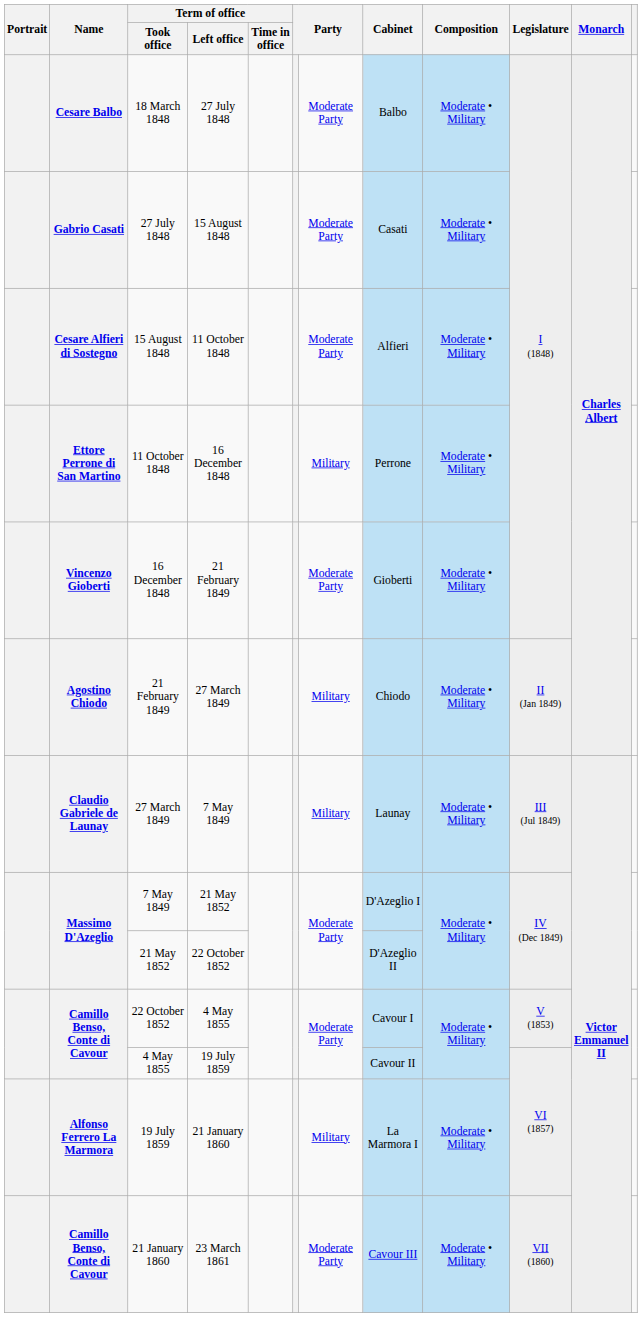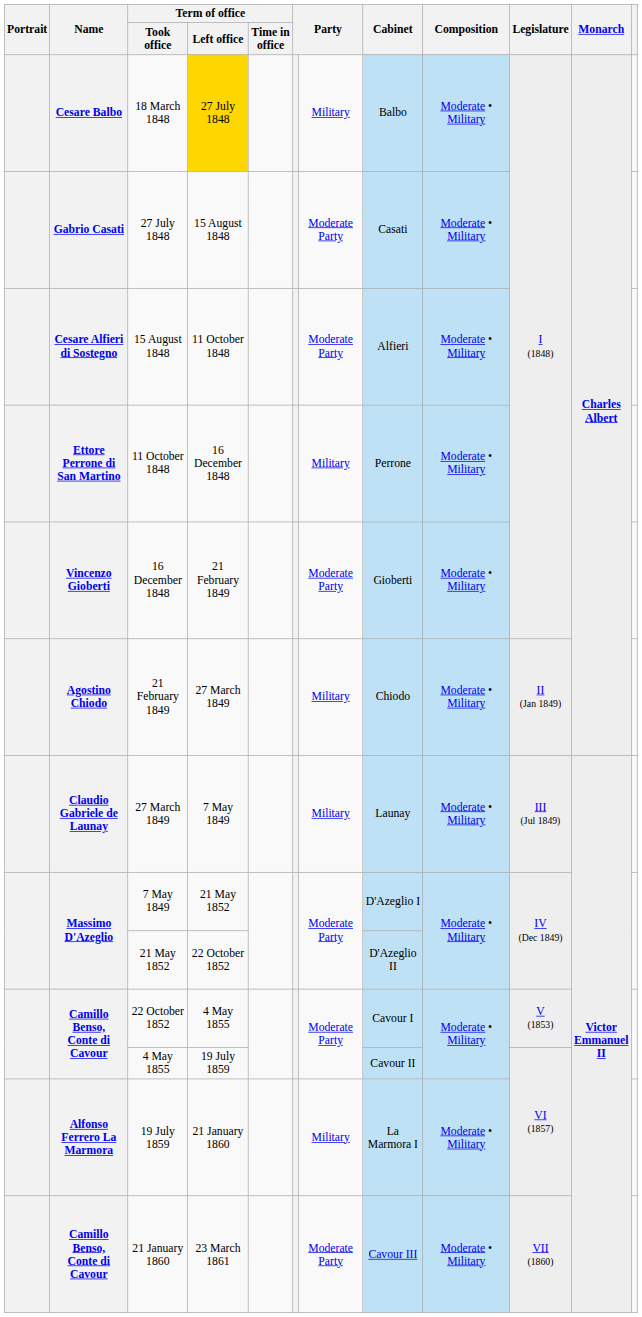 <table class="wikitable" style="text-align:center; width=90%">
 <tr>
 <th width=5% rowspan=2 scope="col">Portrait</th>
 <th width=14% rowspan=2 scope="col">Name<br></th>
 <th width=28% colspan=3>Term of office</th>
 <th width=12% rowspan=2 colspan=2 scope="col">Party</th>
 <th width=10% rowspan=2 scope="col">Cabinet</th>
 <th width=15% rowspan=2 scope="col">Composition</th>
 <th width=3% rowspan=2 scope="col">Legislature<br></th>
 <th width=4% rowspan=2 scope="col"><a href='#'>Monarch</a><br></th>
 <th width=1% rowspan=2 scope="col"></th>
 </tr>
 <tr>
 <th width=10% scope="col">Took office</th>
 <th width=10% scope="col">Left office</th>
 <th width=8% scope="col">Time in office</th>
 </tr>
 <tr style="height:10em;">
 <th></th>
 <th scope="row" style="font-weight:normal"><strong><a href='#'>Cesare Balbo</a></strong><br></th>
 <td>18 March<br>1848</td>
-<td>27 July<br>1848</td>
+<td style="background: gold;">27 July<br>1848</td>
 <td></td>
 <th style="background:"></th>
-<td><a href='#'>Moderate Party</a></td>
+<td><a href='#'>Military</a></td>
 <td bgcolor=#BEE1F5>Balbo</td>
 <td bgcolor=#BEE1F5><a href='#'>Moderate</a> • <a href='#'>Military</a></td>
 <td rowspan=5 bgcolor="#EEEEEE"><a href='#'>I</a><br><small>(1848)</small></td>
 <td align="center" rowspan=6 bgcolor="#EEEEEE"><br><strong><a href='#'>Charles Albert</a></strong><br></td>
 <td></td>
 </tr>
 <tr style="height:10em;">
 <th></th>
 <th scope="row" style="font-weight:normal"><strong><a href='#'>Gabrio Casati</a></strong><br></th>
 <td>27 July<br>1848</td>
 <td>15 August<br>1848</td>
 <td></td>
 <th style="background:"></th>
 <td><a href='#'>Moderate Party</a></td>
 <td bgcolor=#BEE1F5>Casati</td>
 <td bgcolor=#BEE1F5><a href='#'>Moderate</a> • <a href='#'>Military</a></td>
 <td></td>
 </tr>
 <tr style="height:10em;">
 <th></th>
 <th scope="row" style="font-weight:normal"><strong><a href='#'>Cesare Alfieri di Sostegno</a></strong><br></th>
 <td>15 August<br>1848</td>
 <td>11 October<br>1848</td>
 <td></td>
 <th style="background:"></th>
 <td><a href='#'>Moderate Party</a></td>
 <td bgcolor=#BEE1F5>Alfieri</td>
 <td bgcolor=#BEE1F5><a href='#'>Moderate</a> • <a href='#'>Military</a></td>
 <td></td>
 </tr>
 <tr style="height:10em;">
 <th></th>
 <th scope="row" style="font-weight:normal"><strong><a href='#'>Ettore Perrone di San Martino</a></strong><br></th>
 <td>11 October<br>1848</td>
 <td>16 December<br>1848</td>
 <td></td>
 <th style="background:"></th>
 <td><a href='#'>Military</a></td>
 <td bgcolor=#BEE1F5>Perrone</td>
 <td bgcolor=#BEE1F5><a href='#'>Moderate</a> • <a href='#'>Military</a></td>
 <td></td>
 </tr>
 <tr style="height:10em;">
 <th></th>
 <th scope="row" style="font-weight:normal"><strong><a href='#'>Vincenzo Gioberti</a></strong><br></th>
 <td>16 December<br>1848</td>
 <td>21 February<br>1849</td>
 <td></td>
 <th style="background:"></th>
 <td><a href='#'>Moderate Party</a></td>
 <td bgcolor=#BEE1F5>Gioberti</td>
 <td bgcolor=#BEE1F5><a href='#'>Moderate</a> • <a href='#'>Military</a></td>
 </tr>
 <tr style="height:10em;">
 <th></th>
 <th scope="row" style="font-weight:normal"><strong><a href='#'>Agostino Chiodo</a></strong><br></th>
 <td>21 February<br>1849</td>
 <td>27 March<br>1849</td>
 <td></td>
 <th style="background:"></th>
 <td><a href='#'>Military</a></td>
 <td bgcolor=#BEE1F5>Chiodo</td>
 <td bgcolor=#BEE1F5><a href='#'>Moderate</a> • <a href='#'>Military</a></td>
 <td bgcolor="#EEEEEE"><a href='#'>II</a><br><small>(Jan 1849)</small></td>
 <td></td>
 </tr>
 <tr style="height:10em;">
 <th></th>
 <th scope="row" style="font-weight:normal"><strong><a href='#'>Claudio Gabriele de Launay</a></strong><br></th>
 <td>27 March<br>1849</td>
 <td>7 May<br>1849</td>
 <td></td>
 <th style="background:"></th>
 <td><a href='#'>Military</a></td>
 <td bgcolor=#BEE1F5>Launay</td>
 <td bgcolor=#BEE1F5><a href='#'>Moderate</a> • <a href='#'>Military</a></td>
 <td bgcolor="#EEEEEE"><a href='#'>III</a><br><small>(Jul 1849)</small></td>
 <td align="center" rowspan=8 bgcolor="#EEEEEE"><br><strong><a href='#'>Victor Emmanuel II</a></strong><br></td>
 <td></td>
 </tr>
 <tr style="height:5em;">
 <th rowspan=2></th>
 <th scope="row" style="font-weight:normal" rowspan=2><strong><a href='#'>Massimo D'Azeglio</a></strong><br></th>
 <td>7 May<br>1849</td>
 <td>21 May<br>1852</td>
 <td rowspan=2></td>
 <th rowspan=2 style="background:"></th>
 <td rowspan=2><a href='#'>Moderate Party</a></td>
 <td bgcolor=#BEE1F5>D'Azeglio I</td>
 <td rowspan=2 bgcolor=#BEE1F5><a href='#'>Moderate</a> • <a href='#'>Military</a></td>
 <td rowspan=2 bgcolor="#EEEEEE"><a href='#'>IV</a><br><small>(Dec 1849)</small></td>
 <td rowspan=2></td>
 </tr>
 <tr style="height:5em;">
 <td>21 May<br>1852</td>
 <td>22 October<br>1852</td>
 <td bgcolor=#BEE1F5>D'Azeglio II</td>
 </tr>
 <tr style="height:5em;">
 <th rowspan=2></th>
 <th scope="row" style="font-weight:normal" rowspan=2><strong><a href='#'>Camillo Benso,<br>Conte di Cavour</a></strong><br></th>
 <td>22 October<br>1852</td>
 <td>4 May<br>1855</td>
 <td rowspan=2></td>
 <th rowspan=2 style="background:"></th>
 <td rowspan=2><a href='#'>Moderate Party</a></td>
 <td bgcolor=#BEE1F5>Cavour I</td>
 <td rowspan=2 bgcolor=#BEE1F5><a href='#'>Moderate</a> • <a href='#'>Military</a></td>
 <td bgcolor="#EEEEEE"><a href='#'>V</a><br><small>(1853)</small></td>
 <td rowspan=2></td>
 </tr>
 <tr>
 <td>4 May<br>1855</td>
 <td>19 July<br>1859</td>
 <td bgcolor=#BEE1F5>Cavour II</td>
 <td rowspan=2 bgcolor="#EEEEEE"><a href='#'>VI</a><br><small>(1857)</small></td>
 </tr>
 <tr style="height:10em;">
 <th></th>
 <th scope="row" style="font-weight:normal"><strong><a href='#'>Alfonso Ferrero La Marmora</a></strong><br></th>
 <td>19 July<br>1859</td>
 <td>21 January<br>1860</td>
 <td></td>
 <th style="background:"></th>
 <td><a href='#'>Military</a></td>
 <td bgcolor=#BEE1F5>La Marmora I</td>
 <td bgcolor=#BEE1F5><a href='#'>Moderate</a> • <a href='#'>Military</a></td>
 <td></td>
 </tr>
 <tr style="height:10em;">
 <th></th>
 <th scope="row" style="font-weight:normal"><strong><a href='#'>Camillo Benso,<br>Conte di Cavour</a></strong><br></th>
 <td>21 January<br>1860</td>
 <td>23 March<br>1861</td>
 <td></td>
 <th style="background:"></th>
 <td><a href='#'>Moderate Party</a></td>
 <td bgcolor=#BEE1F5><a href='#'>Cavour III</a></td>
 <td bgcolor=#BEE1F5><a href='#'>Moderate</a> • <a href='#'>Military</a></td>
 <td bgcolor="#EEEEEE"><a href='#'>VII</a><br><small>(1860)</small></td>
 <td></td>
 </tr>
 </table>
